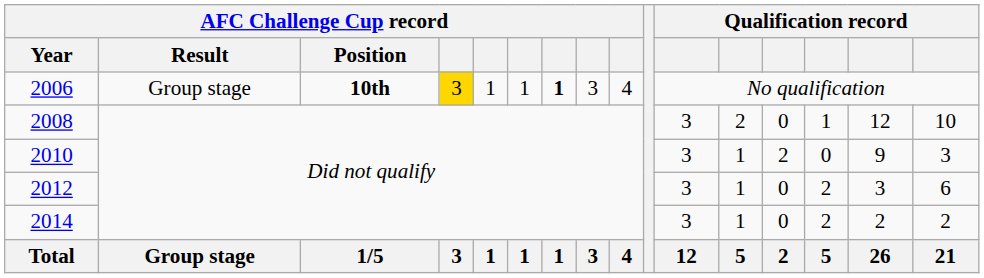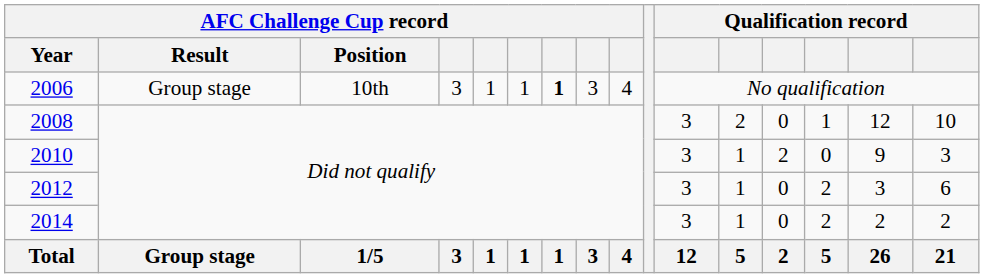 <table class="wikitable" style="text-align: center">
 <tr>
 <th colspan="9"><a href='#'>AFC Challenge Cup</a> record</th>
 <th rowspan="8" style="width:1%;"></th>
 <th colspan="6">Qualification record</th>
 </tr>
 <tr>
 <th>Year</th>
 <th>Result</th>
 <th>Position</th>
 <th></th>
 <th></th>
 <th></th>
 <th></th>
 <th></th>
 <th></th>
 <th></th>
 <th></th>
 <th></th>
 <th></th>
 <th></th>
 <th></th>
 </tr>
 <tr>
 <td> <a href='#'>2006</a></td>
 <td>Group stage</td>
-<td><strong>10th</strong></td>
-<td style="background: gold;">3</td>
+<td>10th</td>
+<td>3</td>
 <td>1</td>
 <td>1</td>
 <td><strong>1</strong></td>
 <td>3</td>
 <td>4</td>
 <td colspan="6"><em>No qualification</em></td>
 </tr>
 <tr>
 <td> <a href='#'>2008</a></td>
 <td colspan="8" rowspan="4"><em>Did not qualify</em></td>
 <td>3</td>
 <td>2</td>
 <td>0</td>
 <td>1</td>
 <td>12</td>
 <td>10</td>
 </tr>
 <tr>
 <td> <a href='#'>2010</a></td>
 <td>3</td>
 <td>1</td>
 <td>2</td>
 <td>0</td>
 <td>9</td>
 <td>3</td>
 </tr>
 <tr>
 <td> <a href='#'>2012</a></td>
 <td>3</td>
 <td>1</td>
 <td>0</td>
 <td>2</td>
 <td>3</td>
 <td>6</td>
 </tr>
 <tr>
 <td> <a href='#'>2014</a></td>
 <td>3</td>
 <td>1</td>
 <td>0</td>
 <td>2</td>
 <td>2</td>
 <td>2</td>
 </tr>
 <tr>
 <th>Total</th>
 <th>Group stage</th>
 <th>1/5</th>
 <th>3</th>
 <th>1</th>
 <th>1</th>
 <th>1</th>
 <th>3</th>
 <th>4</th>
 <th>12</th>
 <th>5</th>
 <th>2</th>
 <th>5</th>
 <th>26</th>
 <th>21</th>
 </tr>
 </table>
